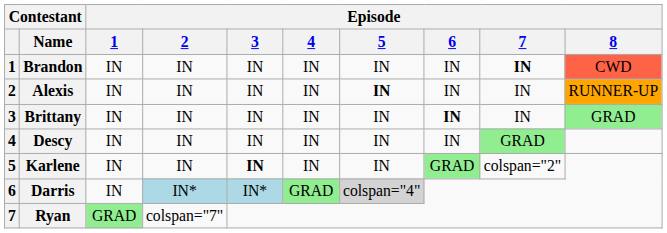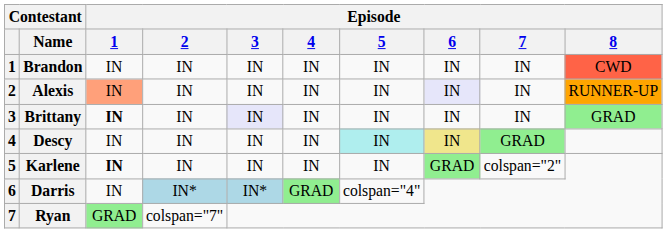 <table class="wikitable" style="text-align:center">
 <tr>
 <th colspan="2">Contestant</th>
 <th colspan="8">Episode</th>
 </tr>
 <tr>
 <th></th>
 <th>Name</th>
 <th width="50px"><a href='#'>1</a></th>
 <th width="50px"><a href='#'>2</a></th>
 <th width="50px"><a href='#'>3</a></th>
 <th width="50px"><a href='#'>4</a></th>
 <th width="50px"><a href='#'>5</a></th>
 <th width="50px"><a href='#'>6</a></th>
 <th width="50px"><a href='#'>7</a></th>
 <th><a href='#'>8</a></th>
 </tr>
 <tr>
 <th>1</th>
 <th> Brandon</th>
 <td>IN</td>
 <td>IN</td>
 <td>IN</td>
 <td>IN</td>
 <td>IN</td>
 <td>IN</td>
-<td><strong>IN</strong></td>
+<td>IN</td>
 <td style="background:tomato">CWD</td>
 </tr>
 <tr>
 <th>2</th>
 <th> Alexis</th>
+<td style="background: lightsalmon;">IN</td>
 <td>IN</td>
 <td>IN</td>
 <td>IN</td>
 <td>IN</td>
-<td><strong>IN</strong></td>
-<td>IN</td>
+<td style="background: lavender;">IN</td>
 <td>IN</td>
 <td style="background:orange">RUNNER-UP</td>
 </tr>
 <tr>
 <th>3</th>
 <th> Brittany</th>
+<td><strong>IN</strong></td>
+<td>IN</td>
+<td style="background: lavender;">IN</td>
 <td>IN</td>
 <td>IN</td>
 <td>IN</td>
-<td>IN</td>
-<td>IN</td>
-<td><strong>IN</strong></td>
 <td>IN</td>
 <td style="background:lightgreen">GRAD</td>
 </tr>
 <tr>
 <th>4</th>
 <th> Descy</th>
 <td>IN</td>
 <td>IN</td>
 <td>IN</td>
 <td>IN</td>
-<td>IN</td>
-<td>IN</td>
+<td style="background: paleturquoise;">IN</td>
+<td style="background: khaki;">IN</td>
 <td style="background:lightgreen">GRAD</td>
 <td></td>
 </tr>
 <tr>
 <th>5</th>
 <th> Karlene</th>
+<td><strong>IN</strong></td>
 <td>IN</td>
 <td>IN</td>
-<td><strong>IN</strong></td>
 <td>IN</td>
 <td>IN</td>
 <td style="background:lightgreen">GRAD</td>
 <td>colspan="2" </td>
 </tr>
 <tr>
 <th>6</th>
 <th> Darris</th>
 <td>IN</td>
 <td style="background:lightblue">IN*</td>
 <td style="background:lightblue">IN*</td>
 <td style="background:lightgreen">GRAD</td>
-<td style="background: lightgrey;">colspan="4" </td>
+<td>colspan="4" </td>
 </tr>
 <tr>
 <th>7</th>
 <th> Ryan</th>
 <td style="background:lightgreen">GRAD</td>
 <td>colspan="7" </td>
 </tr>
 </table>
